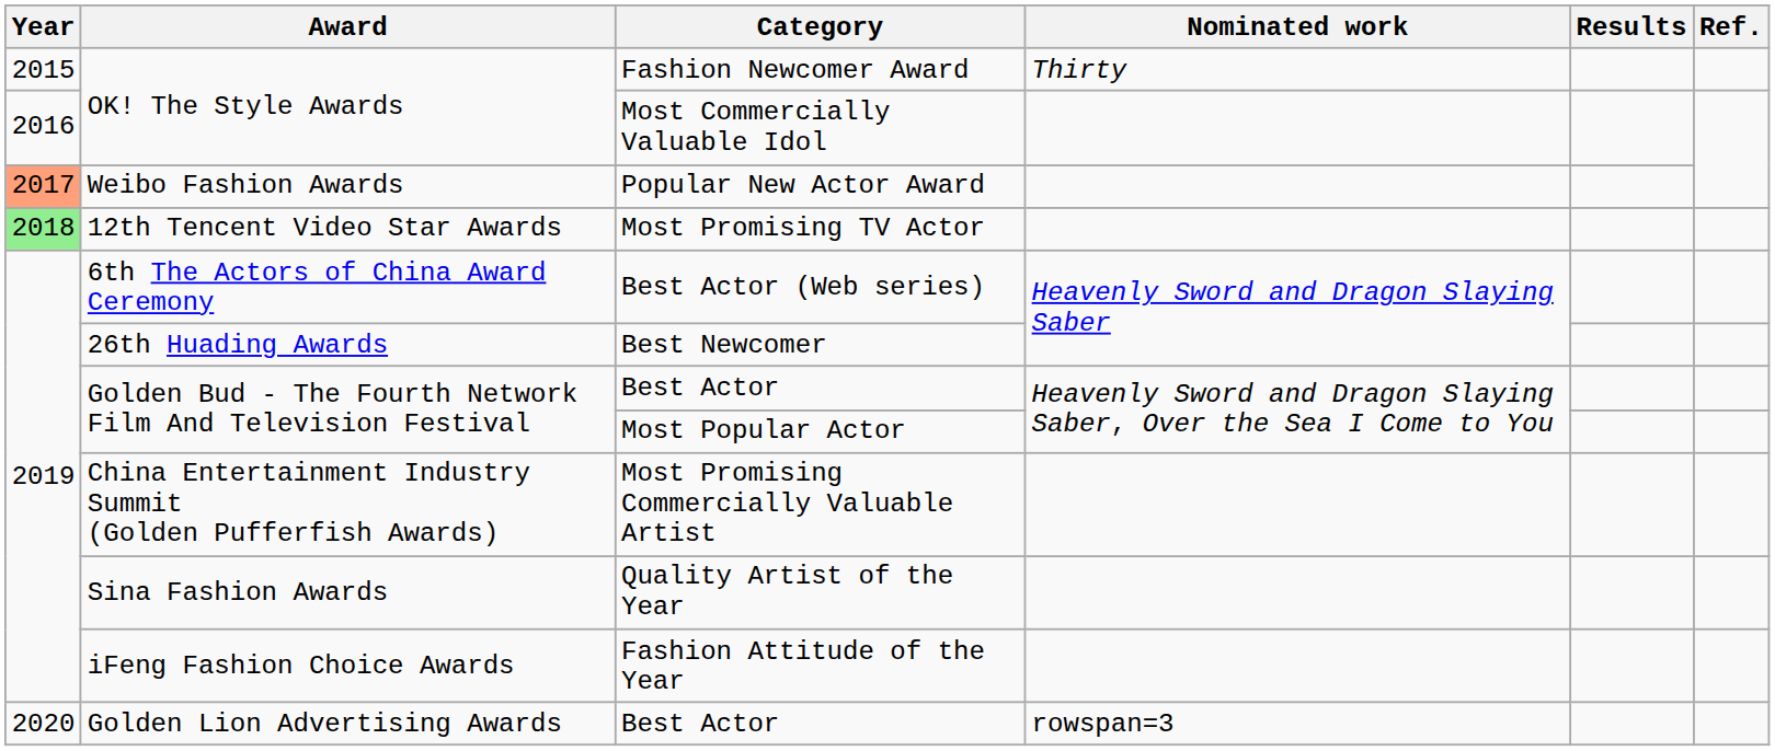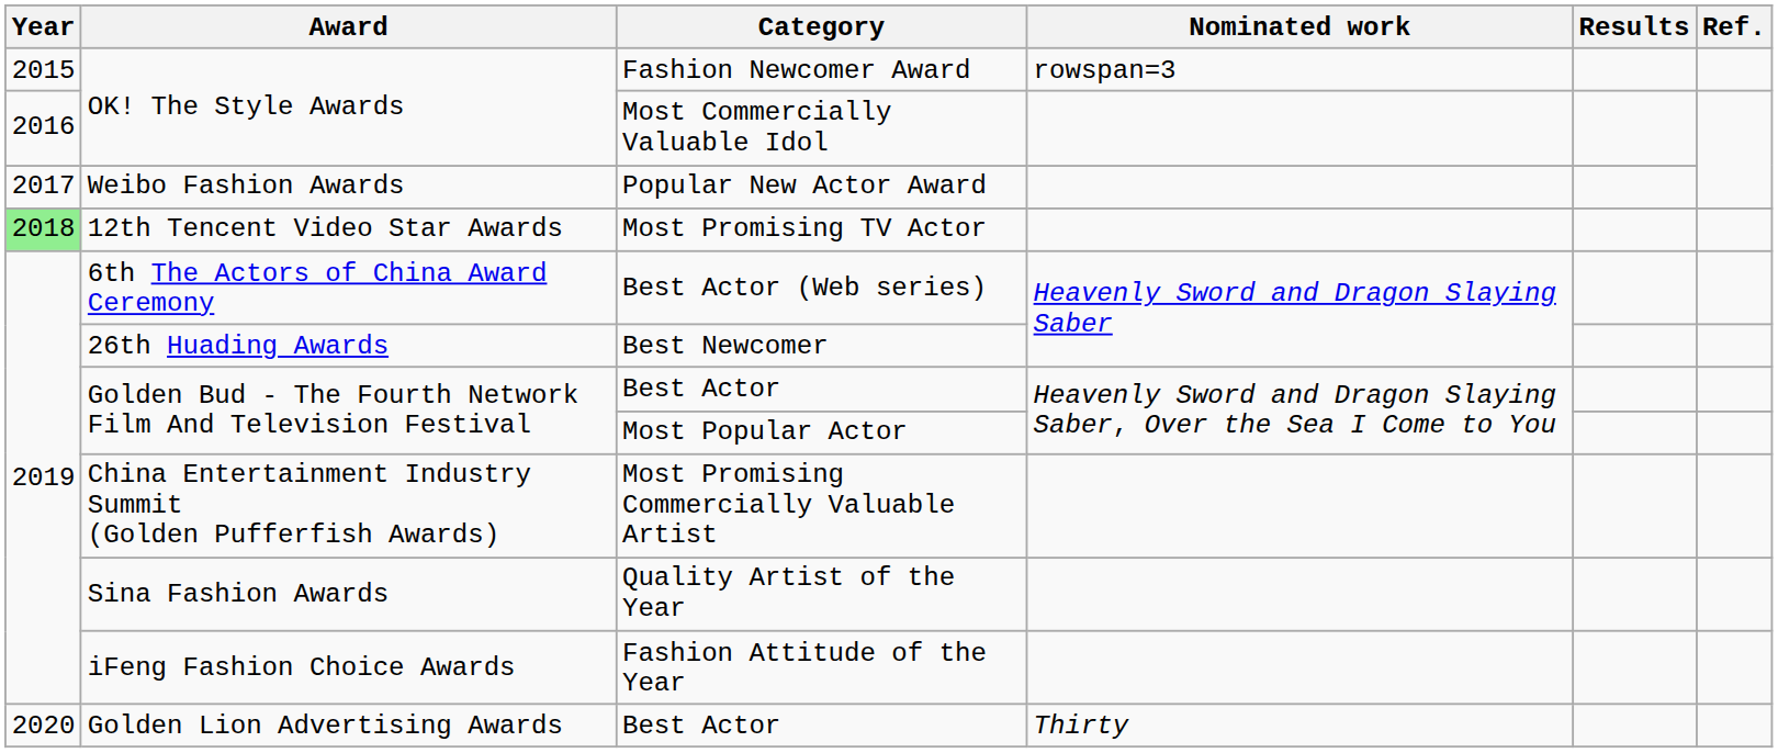 <table class="wikitable">
 <tr>
 <th>Year</th>
 <th>Award</th>
 <th>Category</th>
 <th>Nominated work</th>
 <th>Results</th>
 <th>Ref.</th>
 </tr>
 <tr>
 <td>2015</td>
 <td rowspan=2>OK! The Style Awards</td>
 <td>Fashion Newcomer Award</td>
-<td><em>Thirty</em></td>
+<td>rowspan=3 </td>
 <td></td>
 <td></td>
 </tr>
 <tr>
 <td>2016</td>
 <td>Most Commercially Valuable Idol</td>
 <td></td>
 <td></td>
 </tr>
 <tr>
-<td style="background: lightsalmon;">2017</td>
+<td>2017</td>
 <td>Weibo Fashion Awards</td>
 <td>Popular New Actor Award</td>
 <td></td>
 <td></td>
 </tr>
 <tr>
 <td style="background: lightgreen;">2018</td>
 <td>12th Tencent Video Star Awards</td>
 <td>Most Promising TV Actor</td>
 <td></td>
 <td></td>
 <td></td>
 </tr>
 <tr>
 <td rowspan=7>2019</td>
 <td>6th <a href='#'>The Actors of China Award Ceremony</a></td>
 <td>Best Actor (Web series)</td>
 <td rowspan=2><em><a href='#'>Heavenly Sword and Dragon Slaying Saber</a></em></td>
 <td></td>
 <td></td>
 </tr>
 <tr>
 <td>26th <a href='#'>Huading Awards</a></td>
 <td>Best Newcomer</td>
 <td></td>
 <td></td>
 </tr>
 <tr>
 <td rowspan=2>Golden Bud - The Fourth Network Film And Television Festival</td>
 <td>Best Actor</td>
 <td rowspan=2><em>Heavenly Sword and Dragon Slaying Saber</em>, <em>Over the Sea I Come to You</em></td>
 <td></td>
 <td></td>
 </tr>
 <tr>
 <td>Most Popular Actor</td>
 <td></td>
 <td></td>
 </tr>
 <tr>
 <td>China Entertainment Industry Summit <br> (Golden Pufferfish Awards)</td>
 <td>Most Promising Commercially Valuable Artist</td>
 <td></td>
 <td></td>
 <td></td>
 </tr>
 <tr>
 <td>Sina Fashion Awards</td>
 <td>Quality Artist of the Year</td>
 <td></td>
 <td></td>
 <td></td>
 </tr>
 <tr>
 <td>iFeng Fashion Choice Awards</td>
 <td>Fashion Attitude of the Year</td>
 <td></td>
 <td></td>
 <td></td>
 </tr>
 <tr>
 <td>2020</td>
 <td>Golden Lion Advertising Awards</td>
 <td>Best Actor</td>
-<td>rowspan=3 </td>
+<td><em>Thirty</em></td>
 <td></td>
 <td></td>
 </tr>
 </table>
